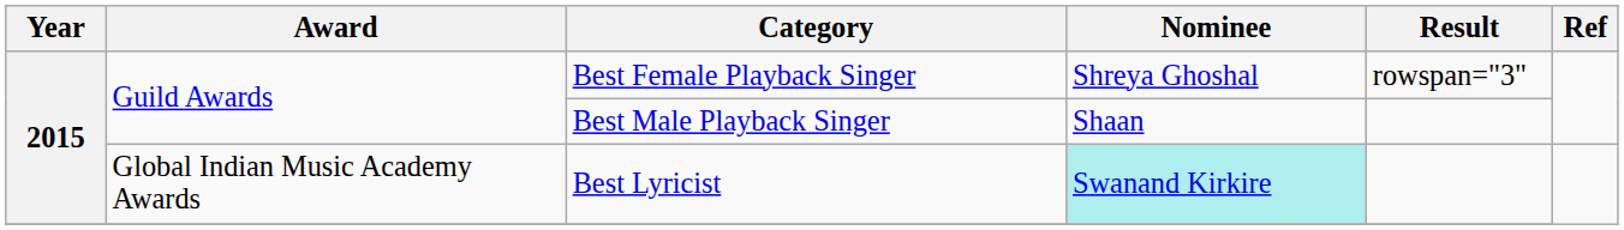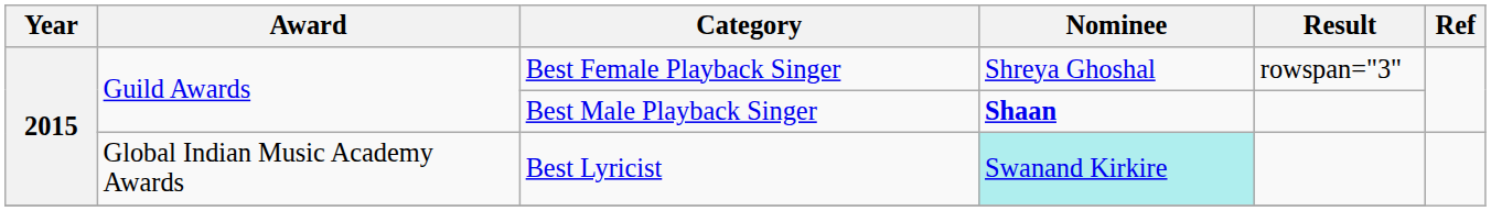 <table class="wikitable plainrowheaders" width="100%" textcolor:#000;">
 <tr>
 <th width=5%>Year</th>
 <th width=23%>Award</th>
 <th width=25%>Category</th>
 <th width=15%>Nominee</th>
 <th width=5%>Result</th>
 <th width=2%>Ref</th>
 </tr>
 <tr>
 <th scope="row" rowspan="3">2015</th>
 <td rowspan="2"><a href='#'>Guild Awards</a></td>
 <td><a href='#'>Best Female Playback Singer</a></td>
 <td><a href='#'>Shreya Ghoshal</a></td>
 <td>rowspan="3" </td>
 <td rowspan="2"></td>
 </tr>
 <tr>
 <td><a href='#'>Best Male Playback Singer</a></td>
-<td><a href='#'>Shaan</a></td>
+<td><strong><a href='#'>Shaan</a></strong></td>
 </tr>
 <tr>
 <td>Global Indian Music Academy Awards</td>
 <td><a href='#'>Best Lyricist</a></td>
 <td style="background: paleturquoise;"><a href='#'>Swanand Kirkire</a></td>
 <td></td>
 </tr>
 <tr>
 </tr>
 </table>
